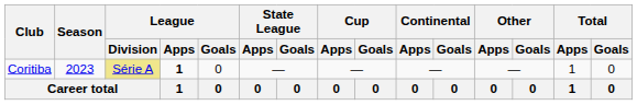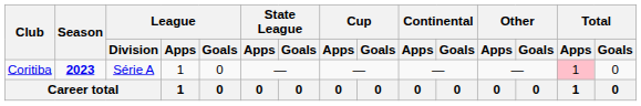 <table class="wikitable" style="text-align: center;">
 <tr>
 <th rowspan="2">Club</th>
 <th rowspan="2">Season</th>
 <th colspan="3">League</th>
 <th colspan="2">State League</th>
 <th colspan="2">Cup</th>
 <th colspan="2">Continental</th>
 <th colspan="2">Other</th>
 <th colspan="2">Total</th>
 </tr>
 <tr>
 <th>Division</th>
 <th>Apps</th>
 <th>Goals</th>
 <th>Apps</th>
 <th>Goals</th>
 <th>Apps</th>
 <th>Goals</th>
 <th>Apps</th>
 <th>Goals</th>
 <th>Apps</th>
 <th>Goals</th>
 <th>Apps</th>
 <th>Goals</th>
 </tr>
 <tr>
 <td valign="center"><a href='#'>Coritiba</a></td>
-<td><a href='#'>2023</a></td>
-<td style="background: khaki;"><a href='#'>Série A</a></td>
-<td><strong>1</strong></td>
+<td><strong><a href='#'>2023</a></strong></td>
+<td><a href='#'>Série A</a></td>
+<td>1</td>
 <td>0</td>
 <td colspan="2">—</td>
 <td colspan="2">—</td>
 <td colspan="2">—</td>
 <td colspan="2">—</td>
-<td>1</td>
+<td style="background: pink;">1</td>
 <td>0</td>
 </tr>
 <tr>
 <th colspan="3"><strong>Career total</strong></th>
 <th>1</th>
 <th>0</th>
 <th>0</th>
 <th>0</th>
 <th>0</th>
 <th>0</th>
 <th>0</th>
 <th>0</th>
 <th>0</th>
 <th>0</th>
 <th>1</th>
 <th>0</th>
 </tr>
 </table>
